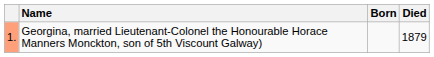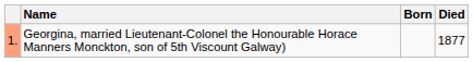 <table class="wikitable">
 <tr>
 <th></th>
 <th scope="col" style="text-align: left;">Name</th>
 <th scope="col" style="text-align: right;">Born</th>
 <th scope="col" style="text-align: right;">Died</th>
 </tr>
 <tr>
 <td scope="col" style="background: lightsalmon; text-align: right;">1.</td>
 <td scope="col" style="text-align: left;">Georgina, married Lieutenant-Colonel the Honourable Horace Manners Monckton, son of 5th Viscount Galway)</td>
 <td scope="col" style="text-align: right;"></td>
-<td scope="col" style="text-align: right;">1879</td>
+<td scope="col" style="text-align: right;">1877</td>
 </tr>
 </table>
